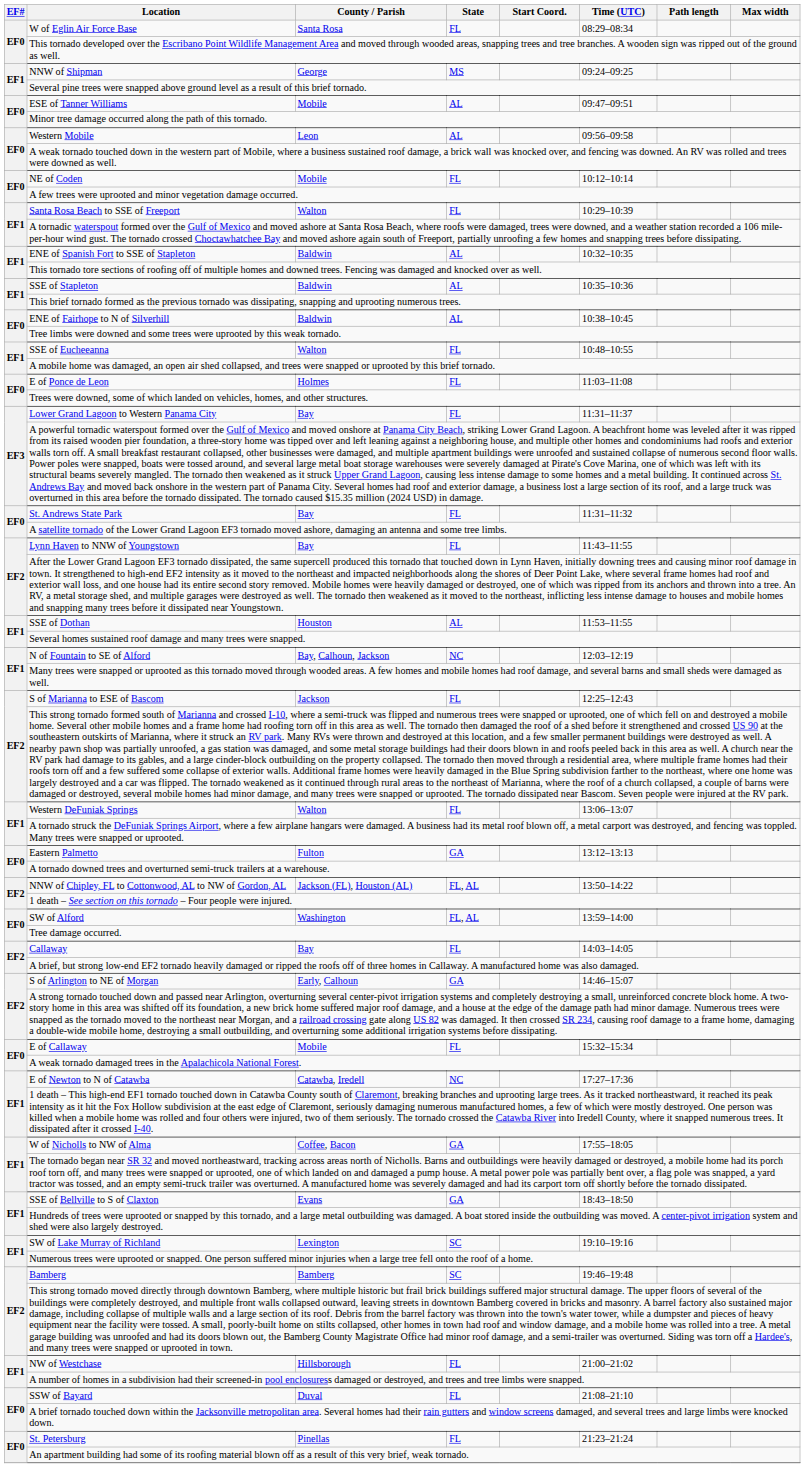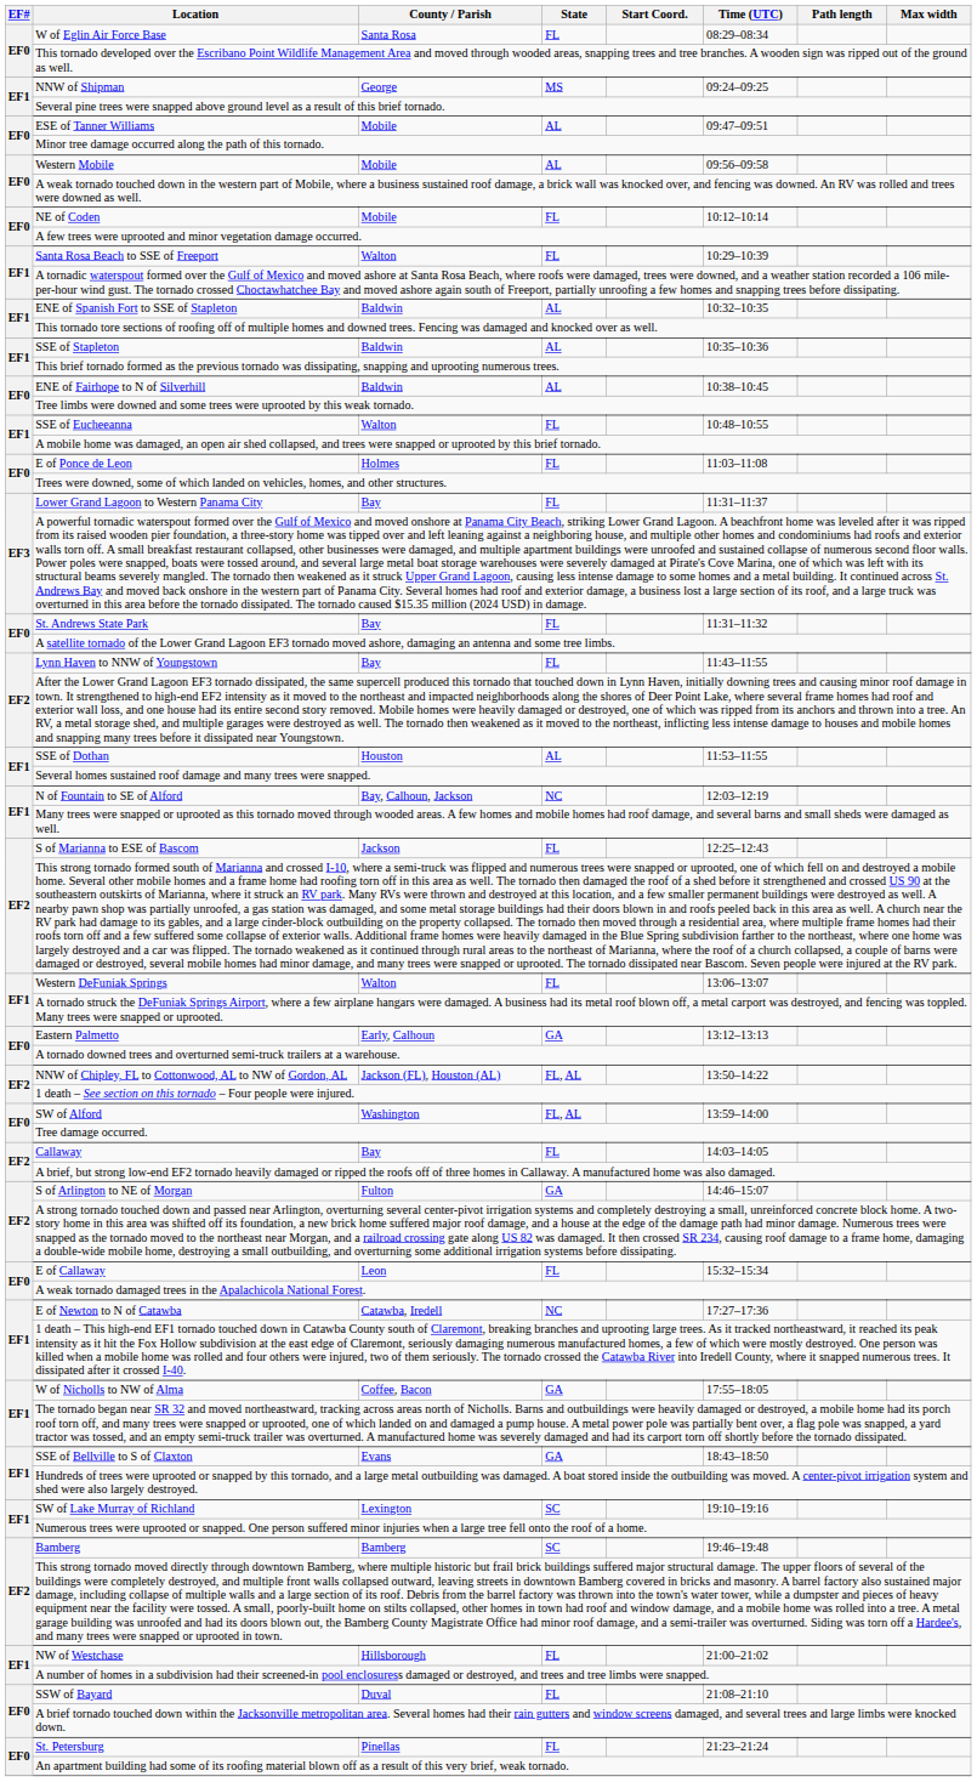 <table class="wikitable sortable" style="width:100%;">
 <tr>
 <th scope="col" width="2%" align="center"><a href='#'>EF#</a></th>
 <th scope="col" align="center" class="unsortable">Location</th>
 <th scope="col" align="center" class="unsortable">County / Parish</th>
 <th scope="col" align="center">State</th>
 <th scope="col" align="center">Start Coord.</th>
 <th scope="col" align="center">Time (<a href='#'>UTC</a>)</th>
 <th scope="col" align="center">Path length</th>
 <th scope="col" align="center">Max width</th>
 </tr>
 <tr>
 <th scope="row" rowspan="2" style="background-color:#">EF0</th>
 <td>W of <a href='#'>Eglin Air Force Base</a></td>
 <td><a href='#'>Santa Rosa</a></td>
 <td><a href='#'>FL</a></td>
 <td></td>
 <td>08:29–08:34</td>
 <td></td>
 <td></td>
 </tr>
 <tr class="expand-child">
 <td colspan="8" style=" border-bottom: 1px solid black;">This tornado developed over the <a href='#'>Escribano Point Wildlife Management Area</a> and moved through wooded areas, snapping trees and tree branches. A wooden sign was ripped out of the ground as well.</td>
 </tr>
 <tr>
 <th scope="row" rowspan="2" style="background-color:#">EF1</th>
 <td>NNW of <a href='#'>Shipman</a></td>
 <td><a href='#'>George</a></td>
 <td><a href='#'>MS</a></td>
 <td></td>
 <td>09:24–09:25</td>
 <td></td>
 <td></td>
 </tr>
 <tr class="expand-child">
 <td colspan="8" style=" border-bottom: 1px solid black;">Several pine trees were snapped  above ground level as a result of this brief tornado.</td>
 </tr>
 <tr>
 <th scope="row" rowspan="2" style="background-color:#">EF0</th>
 <td>ESE of <a href='#'>Tanner Williams</a></td>
 <td><a href='#'>Mobile</a></td>
 <td><a href='#'>AL</a></td>
 <td></td>
 <td>09:47–09:51</td>
 <td></td>
 <td></td>
 </tr>
 <tr class="expand-child">
 <td colspan="8" style=" border-bottom: 1px solid black;">Minor tree damage occurred along the path of this tornado.</td>
 </tr>
 <tr>
 <th scope="row" rowspan="2" style="background-color:#">EF0</th>
 <td>Western <a href='#'>Mobile</a></td>
-<td><a href='#'>Leon</a></td>
+<td><a href='#'>Mobile</a></td>
 <td><a href='#'>AL</a></td>
 <td></td>
 <td>09:56–09:58</td>
 <td></td>
 <td></td>
 </tr>
 <tr class="expand-child">
 <td colspan="8" style=" border-bottom: 1px solid black;">A weak tornado touched down in the western part of Mobile, where a business sustained roof damage, a brick wall was knocked over, and fencing was downed. An RV was rolled and trees were downed as well.</td>
 </tr>
 <tr>
 <th scope="row" rowspan="2" style="background-color:#">EF0</th>
 <td>NE of <a href='#'>Coden</a></td>
 <td><a href='#'>Mobile</a></td>
 <td><a href='#'>FL</a></td>
 <td></td>
 <td>10:12–10:14</td>
 <td></td>
 <td></td>
 </tr>
 <tr class="expand-child">
 <td colspan="8" style=" border-bottom: 1px solid black;">A few trees were uprooted and minor vegetation damage occurred.</td>
 </tr>
 <tr>
 <th scope="row" rowspan="2" style="background-color:#">EF1</th>
 <td><a href='#'>Santa Rosa Beach</a> to SSE of <a href='#'>Freeport</a></td>
 <td><a href='#'>Walton</a></td>
 <td><a href='#'>FL</a></td>
 <td></td>
 <td>10:29–10:39</td>
 <td></td>
 <td></td>
 </tr>
 <tr class="expand-child">
 <td colspan="8" style=" border-bottom: 1px solid black;">A tornadic <a href='#'>waterspout</a> formed over the <a href='#'>Gulf of Mexico</a> and moved ashore at Santa Rosa Beach, where roofs were damaged, trees were downed, and a weather station recorded a 106 mile-per-hour wind gust. The tornado crossed <a href='#'>Choctawhatchee Bay</a> and moved ashore again south of Freeport, partially unroofing a few homes and snapping trees before dissipating.</td>
 </tr>
 <tr>
 <th scope="row" rowspan="2" style="background-color:#">EF1</th>
 <td>ENE of <a href='#'>Spanish Fort</a> to SSE of <a href='#'>Stapleton</a></td>
 <td><a href='#'>Baldwin</a></td>
 <td><a href='#'>AL</a></td>
 <td></td>
 <td>10:32–10:35</td>
 <td></td>
 <td></td>
 </tr>
 <tr class="expand-child">
 <td colspan="8" style=" border-bottom: 1px solid black;">This tornado tore sections of roofing off of multiple homes and downed trees. Fencing was damaged and knocked over as well.</td>
 </tr>
 <tr>
 <th scope="row" rowspan="2" style="background-color:#">EF1</th>
 <td>SSE of <a href='#'>Stapleton</a></td>
 <td><a href='#'>Baldwin</a></td>
 <td><a href='#'>AL</a></td>
 <td></td>
 <td>10:35–10:36</td>
 <td></td>
 <td></td>
 </tr>
 <tr class="expand-child">
 <td colspan="8" style=" border-bottom: 1px solid black;">This brief tornado formed as the previous tornado was dissipating, snapping and uprooting numerous trees.</td>
 </tr>
 <tr>
 <th scope="row" rowspan="2" style="background-color:#">EF0</th>
 <td>ENE of <a href='#'>Fairhope</a> to N of <a href='#'>Silverhill</a></td>
 <td><a href='#'>Baldwin</a></td>
 <td><a href='#'>AL</a></td>
 <td></td>
 <td>10:38–10:45</td>
 <td></td>
 <td></td>
 </tr>
 <tr class="expand-child">
 <td colspan="8" style=" border-bottom: 1px solid black;">Tree limbs were downed and some trees were uprooted by this weak tornado.</td>
 </tr>
 <tr>
 <th scope="row" rowspan="2" style="background-color:#">EF1</th>
 <td>SSE of <a href='#'>Eucheeanna</a></td>
 <td><a href='#'>Walton</a></td>
 <td><a href='#'>FL</a></td>
 <td></td>
 <td>10:48–10:55</td>
 <td></td>
 <td></td>
 </tr>
 <tr class="expand-child">
 <td colspan="8" style=" border-bottom: 1px solid black;">A mobile home was damaged, an open air shed collapsed, and trees were snapped or uprooted by this brief tornado.</td>
 </tr>
 <tr>
 <th scope="row" rowspan="2" style="background-color:#">EF0</th>
 <td>E of <a href='#'>Ponce de Leon</a></td>
 <td><a href='#'>Holmes</a></td>
 <td><a href='#'>FL</a></td>
 <td></td>
 <td>11:03–11:08</td>
 <td></td>
 <td></td>
 </tr>
 <tr class="expand-child">
 <td colspan="8" style=" border-bottom: 1px solid black;">Trees were downed, some of which landed on vehicles, homes, and other structures.</td>
 </tr>
 <tr>
 <th scope="row" rowspan="2" style="background-color:#">EF3</th>
 <td><a href='#'>Lower Grand Lagoon</a> to Western <a href='#'>Panama City</a></td>
 <td><a href='#'>Bay</a></td>
 <td><a href='#'>FL</a></td>
 <td></td>
 <td>11:31–11:37</td>
 <td></td>
 <td></td>
 </tr>
 <tr class="expand-child">
 <td colspan="8" style="border-bottom: 1px solid black;">A powerful tornadic waterspout formed over the <a href='#'>Gulf of Mexico</a> and moved onshore at <a href='#'>Panama City Beach</a>, striking Lower Grand Lagoon. A beachfront home was leveled after it was ripped from its raised wooden pier foundation, a three-story home was tipped over and left leaning against a neighboring house, and multiple other homes and condominiums had roofs and exterior walls torn off. A small breakfast restaurant collapsed, other businesses were damaged, and multiple apartment buildings were unroofed and sustained collapse of numerous second floor walls. Power poles were snapped, boats were tossed around, and several large metal boat storage warehouses were severely damaged at Pirate's Cove Marina, one of which was left with its structural beams severely mangled. The tornado then weakened as it struck <a href='#'>Upper Grand Lagoon</a>, causing less intense damage to some homes and a metal building. It continued across <a href='#'>St. Andrews Bay</a> and moved back onshore in the western part of Panama City. Several homes had roof and exterior damage, a business lost a large section of its roof, and a large truck was overturned in this area before the tornado dissipated. The tornado caused $15.35 million (2024 USD) in damage.</td>
 </tr>
 <tr>
 <th scope="row" rowspan="2" style="background-color:#">EF0</th>
 <td><a href='#'>St. Andrews State Park</a></td>
 <td><a href='#'>Bay</a></td>
 <td><a href='#'>FL</a></td>
 <td></td>
 <td>11:31–11:32</td>
 <td></td>
 <td></td>
 </tr>
 <tr class="expand-child">
 <td colspan="8" style="border-bottom: 1px solid black;">A <a href='#'>satellite tornado</a> of the Lower Grand Lagoon EF3 tornado moved ashore, damaging an antenna and some tree limbs.</td>
 </tr>
 <tr>
 <th scope="row" rowspan="2" style="background-color:#">EF2</th>
 <td><a href='#'>Lynn Haven</a> to NNW of <a href='#'>Youngstown</a></td>
 <td><a href='#'>Bay</a></td>
 <td><a href='#'>FL</a></td>
 <td></td>
 <td>11:43–11:55</td>
 <td></td>
 <td></td>
 </tr>
 <tr class="expand-child">
 <td colspan="8" style="border-bottom: 1px solid black;">After the Lower Grand Lagoon EF3 tornado dissipated, the same supercell produced this tornado that touched down in Lynn Haven, initially downing trees and causing minor roof damage in town. It strengthened to high-end EF2 intensity as it moved to the northeast and impacted neighborhoods along the shores of Deer Point Lake, where several frame homes had roof and exterior wall loss, and one house had its entire second story removed. Mobile homes were heavily damaged or destroyed, one of which was ripped from its anchors and thrown into a tree. An RV, a metal storage shed, and multiple garages were destroyed as well. The tornado then weakened as it moved to the northeast, inflicting less intense damage to houses and mobile homes and snapping many trees before it dissipated near Youngstown.</td>
 </tr>
 <tr>
 <th scope="row" rowspan="2" style="background-color:#">EF1</th>
 <td>SSE of <a href='#'>Dothan</a></td>
 <td><a href='#'>Houston</a></td>
 <td><a href='#'>AL</a></td>
 <td></td>
 <td>11:53–11:55</td>
 <td></td>
 <td></td>
 </tr>
 <tr class="expand-child">
 <td colspan="8" style=" border-bottom: 1px solid black;">Several homes sustained roof damage and many trees were snapped.</td>
 </tr>
 <tr>
 <th scope="row" rowspan="2" style="background-color:#">EF1</th>
 <td>N of <a href='#'>Fountain</a> to SE of <a href='#'>Alford</a></td>
 <td><a href='#'>Bay</a>, <a href='#'>Calhoun</a>, <a href='#'>Jackson</a></td>
 <td><a href='#'>NC</a></td>
 <td></td>
 <td>12:03–12:19</td>
 <td></td>
 <td></td>
 </tr>
 <tr class="expand-child">
 <td colspan="8" style="border-bottom: 1px solid black;">Many trees were snapped or uprooted as this tornado moved through wooded areas. A few homes and mobile homes had roof damage, and several barns and small sheds were damaged as well.</td>
 </tr>
 <tr>
 <th scope="row" rowspan="2" style="background-color:#">EF2</th>
 <td>S of <a href='#'>Marianna</a> to ESE of <a href='#'>Bascom</a></td>
 <td><a href='#'>Jackson</a></td>
 <td><a href='#'>FL</a></td>
 <td></td>
 <td>12:25–12:43</td>
 <td></td>
 <td></td>
 </tr>
 <tr class="expand-child">
 <td colspan="8" style="border-bottom: 1px solid black;">This strong tornado formed south of <a href='#'>Marianna</a> and crossed <a href='#'>I-10</a>, where a semi-truck was flipped and numerous trees were snapped or uprooted, one of which fell on and destroyed a mobile home. Several other mobile homes and a frame home had roofing torn off in this area as well. The tornado then damaged the roof of a shed before it strengthened and crossed <a href='#'>US 90</a> at the southeastern outskirts of Marianna, where it struck an <a href='#'>RV park</a>. Many RVs were thrown and destroyed at this location, and a few smaller permanent buildings were destroyed as well. A nearby pawn shop was partially unroofed, a gas station was damaged, and some metal storage buildings had their doors blown in and roofs peeled back in this area as well. A church near the RV park had damage to its gables, and a large cinder-block outbuilding on the property collapsed. The tornado then moved through a residential area, where multiple frame homes had their roofs torn off and a few suffered some collapse of exterior walls. Additional frame homes were heavily damaged in the Blue Spring subdivision farther to the northeast, where one home was largely destroyed and a car was flipped. The tornado weakened as it continued through rural areas to the northeast of Marianna, where the roof of a church collapsed, a couple of barns were damaged or destroyed, several mobile homes had minor damage, and many trees were snapped or uprooted. The tornado dissipated near Bascom. Seven people were injured at the RV park.</td>
 </tr>
 <tr>
 <th scope="row" rowspan="2" style="background-color:#">EF1</th>
 <td>Western <a href='#'>DeFuniak Springs</a></td>
 <td><a href='#'>Walton</a></td>
 <td><a href='#'>FL</a></td>
 <td></td>
 <td>13:06–13:07</td>
 <td></td>
 <td></td>
 </tr>
 <tr class="expand-child">
 <td colspan="8" style="border-bottom: 1px solid black;">A tornado struck the <a href='#'>DeFuniak Springs Airport</a>, where a few airplane hangars were damaged. A business had its metal roof blown off, a metal carport was destroyed, and fencing was toppled. Many trees were snapped or uprooted.</td>
 </tr>
 <tr>
 <th scope="row" rowspan="2" style="background-color:#">EF0</th>
 <td>Eastern <a href='#'>Palmetto</a></td>
-<td><a href='#'>Fulton</a></td>
+<td><a href='#'>Early</a>, <a href='#'>Calhoun</a></td>
 <td><a href='#'>GA</a></td>
 <td></td>
 <td>13:12–13:13</td>
 <td></td>
 <td></td>
 </tr>
 <tr class="expand-child">
 <td colspan="8" style=" border-bottom: 1px solid black;">A tornado downed trees and overturned semi-truck trailers at a warehouse.</td>
 </tr>
 <tr>
 <th scope="row" rowspan="2" style="background-color:#">EF2</th>
 <td>NNW of <a href='#'>Chipley, FL</a> to <a href='#'>Cottonwood, AL</a> to NW of <a href='#'>Gordon, AL</a></td>
 <td><a href='#'>Jackson (FL)</a>, <a href='#'>Houston (AL)</a></td>
 <td><a href='#'>FL</a>, <a href='#'>AL</a></td>
 <td></td>
 <td>13:50–14:22</td>
 <td></td>
 <td></td>
 </tr>
 <tr class="expand-child">
 <td colspan="8" style=" border-bottom: 1px solid black;">1 death – <em><a href='#'>See section on this tornado</a></em> – Four people were injured.</td>
 </tr>
 <tr>
 <th scope="row" rowspan="2" style="background-color:#">EF0</th>
 <td>SW of <a href='#'>Alford</a></td>
 <td><a href='#'>Washington</a></td>
 <td><a href='#'>FL</a>, <a href='#'>AL</a></td>
 <td></td>
 <td>13:59–14:00</td>
 <td></td>
 <td></td>
 </tr>
 <tr class="expand-child">
 <td colspan="8" style=" border-bottom: 1px solid black;">Tree damage occurred.</td>
 </tr>
 <tr>
 <th scope="row" rowspan="2" style="background-color:#">EF2</th>
 <td><a href='#'>Callaway</a></td>
 <td><a href='#'>Bay</a></td>
 <td><a href='#'>FL</a></td>
 <td></td>
 <td>14:03–14:05</td>
 <td></td>
 <td></td>
 </tr>
 <tr class="expand-child">
 <td colspan="8" style=" border-bottom: 1px solid black;">A brief, but strong low-end EF2 tornado heavily damaged or ripped the roofs off of three homes in Callaway. A manufactured home was also damaged.</td>
 </tr>
 <tr>
 <th scope="row" rowspan="2" style="background-color:#">EF2</th>
 <td>S of <a href='#'>Arlington</a> to NE of <a href='#'>Morgan</a></td>
-<td><a href='#'>Early</a>, <a href='#'>Calhoun</a></td>
+<td><a href='#'>Fulton</a></td>
 <td><a href='#'>GA</a></td>
 <td></td>
 <td>14:46–15:07</td>
 <td></td>
 <td></td>
 </tr>
 <tr class="expand-child">
 <td colspan="8" style="border-bottom: 1px solid black;">A strong tornado touched down and passed near Arlington, overturning several center-pivot irrigation systems and completely destroying a small, unreinforced concrete block home. A two-story home in this area was shifted off its foundation, a new brick home suffered major roof damage, and a house at the edge of the damage path had minor damage. Numerous trees were snapped as the tornado moved to the northeast near Morgan, and a <a href='#'>railroad crossing</a> gate along <a href='#'>US 82</a> was damaged. It then crossed <a href='#'>SR 234</a>, causing roof damage to a frame home, damaging a double-wide mobile home, destroying a small outbuilding, and overturning some additional irrigation systems before dissipating.</td>
 </tr>
 <tr>
 <th scope="row" rowspan="2" style="background-color:#">EF0</th>
 <td>E of <a href='#'>Callaway</a></td>
-<td><a href='#'>Mobile</a></td>
+<td><a href='#'>Leon</a></td>
 <td><a href='#'>FL</a></td>
 <td></td>
 <td>15:32–15:34</td>
 <td></td>
 <td></td>
 </tr>
 <tr class="expand-child">
 <td colspan="8" style=" border-bottom: 1px solid black;">A weak tornado damaged trees in the <a href='#'>Apalachicola National Forest</a>.</td>
 </tr>
 <tr>
 <th scope="row" rowspan="2" style="background-color:#">EF1</th>
 <td>E of <a href='#'>Newton</a> to N of <a href='#'>Catawba</a></td>
 <td><a href='#'>Catawba</a>, <a href='#'>Iredell</a></td>
 <td><a href='#'>NC</a></td>
 <td></td>
 <td>17:27–17:36</td>
 <td></td>
 <td></td>
 </tr>
 <tr class="expand-child">
 <td colspan="8" style="border-bottom: 1px solid black;">1 death – This high-end EF1 tornado touched down in Catawba County south of <a href='#'>Claremont</a>, breaking branches and uprooting large trees. As it tracked northeastward, it reached its peak intensity as it hit the Fox Hollow subdivision at the east edge of Claremont, seriously damaging numerous manufactured homes, a few of which were mostly destroyed. One person was killed when a mobile home was rolled and four others were injured, two of them seriously. The tornado crossed the <a href='#'>Catawba River</a> into Iredell County, where it snapped numerous trees. It dissipated after it crossed <a href='#'>I-40</a>.</td>
 </tr>
 <tr>
 <th scope="row" rowspan="2" style="background-color:#">EF1</th>
 <td>W of <a href='#'>Nicholls</a> to NW of <a href='#'>Alma</a></td>
 <td><a href='#'>Coffee</a>, <a href='#'>Bacon</a></td>
 <td><a href='#'>GA</a></td>
 <td></td>
 <td>17:55–18:05</td>
 <td></td>
 <td></td>
 </tr>
 <tr class="expand-child">
 <td colspan="8" style="border-bottom: 1px solid black;">The tornado began near <a href='#'>SR 32</a> and moved northeastward, tracking across areas north of Nicholls. Barns and outbuildings were heavily damaged or destroyed, a mobile home had its porch roof torn off, and many trees were snapped or uprooted, one of which landed on and damaged a pump house. A metal power pole was partially bent over, a flag pole was snapped, a yard tractor was tossed, and an empty semi-truck trailer was overturned. A manufactured home was severely damaged and had its carport torn off shortly before the tornado dissipated.</td>
 </tr>
 <tr>
 <th scope="row" rowspan="2" style="background-color:#">EF1</th>
 <td>SSE of <a href='#'>Bellville</a> to S of <a href='#'>Claxton</a></td>
 <td><a href='#'>Evans</a></td>
 <td><a href='#'>GA</a></td>
 <td></td>
 <td>18:43–18:50</td>
 <td></td>
 <td></td>
 </tr>
 <tr class="expand-child">
 <td colspan="8" style="border-bottom: 1px solid black;">Hundreds of trees were uprooted or snapped by this tornado, and a large metal outbuilding was damaged. A boat stored inside the outbuilding was moved. A <a href='#'>center-pivot irrigation</a> system and shed were also largely destroyed.</td>
 </tr>
 <tr>
 <th scope="row" rowspan="2" style="background-color:#">EF1</th>
 <td>SW of <a href='#'>Lake Murray of Richland</a></td>
 <td><a href='#'>Lexington</a></td>
 <td><a href='#'>SC</a></td>
 <td></td>
 <td>19:10–19:16</td>
 <td></td>
 <td></td>
 </tr>
 <tr class="expand-child">
 <td colspan="8" style="border-bottom: 1px solid black;">Numerous trees were uprooted or snapped. One person suffered minor injuries when a large tree fell onto the roof of a home.</td>
 </tr>
 <tr>
 <th scope="row" rowspan="2" style="background-color:#">EF2</th>
 <td><a href='#'>Bamberg</a></td>
 <td><a href='#'>Bamberg</a></td>
 <td><a href='#'>SC</a></td>
 <td></td>
 <td>19:46–19:48</td>
 <td></td>
 <td></td>
 </tr>
 <tr class="expand-child">
 <td colspan="8" style="border-bottom: 1px solid black;">This strong tornado moved directly through downtown Bamberg, where multiple historic but frail brick buildings suffered major structural damage. The upper floors of several of the buildings were completely destroyed, and multiple front walls collapsed outward, leaving streets in downtown Bamberg covered in bricks and masonry. A barrel factory also sustained major damage, including collapse of multiple walls and a large section of its roof. Debris from the barrel factory was thrown into the town's water tower, while a dumpster and pieces of heavy equipment near the facility were tossed. A small, poorly-built home on stilts collapsed, other homes in town had roof and window damage, and a mobile home was rolled into a tree. A metal garage building was unroofed and had its doors blown out, the Bamberg County Magistrate Office had minor roof damage, and a semi-trailer was overturned. Siding was torn off a <a href='#'>Hardee's</a>, and many trees were snapped or uprooted in town.</td>
 </tr>
 <tr>
 <th scope="row" rowspan="2" style="background-color:#">EF1</th>
 <td>NW of <a href='#'>Westchase</a></td>
 <td><a href='#'>Hillsborough</a></td>
 <td><a href='#'>FL</a></td>
 <td></td>
 <td>21:00–21:02</td>
 <td></td>
 <td></td>
 </tr>
 <tr class="expand-child">
 <td colspan="8" style="border-bottom: 1px solid black;">A number of homes in a subdivision had their screened-in <a href='#'>pool enclosures</a>s damaged or destroyed, and trees and tree limbs were snapped.</td>
 </tr>
 <tr>
 <th scope="row" rowspan="2" style="background-color:#">EF0</th>
 <td>SSW of <a href='#'>Bayard</a></td>
 <td><a href='#'>Duval</a></td>
 <td><a href='#'>FL</a></td>
 <td></td>
 <td>21:08–21:10</td>
 <td></td>
 <td></td>
 </tr>
 <tr class="expand-child">
 <td colspan="8" style="border-bottom: 1px solid black;">A brief tornado touched down within the <a href='#'>Jacksonville metropolitan area</a>. Several homes had their <a href='#'>rain gutters</a> and <a href='#'>window screens</a> damaged, and several trees and large limbs were knocked down.</td>
 </tr>
 <tr>
 <th scope="row" rowspan="2" style="background-color:#">EF0</th>
 <td><a href='#'>St. Petersburg</a></td>
 <td><a href='#'>Pinellas</a></td>
 <td><a href='#'>FL</a></td>
 <td></td>
 <td>21:23–21:24</td>
 <td></td>
 <td></td>
 </tr>
 <tr class="expand-child">
 <td colspan="8" style="border-bottom: 1px solid black;">An apartment building had some of its roofing material blown off as a result of this very brief, weak tornado.</td>
 </tr>
 <tr>
 </tr>
 </table>
